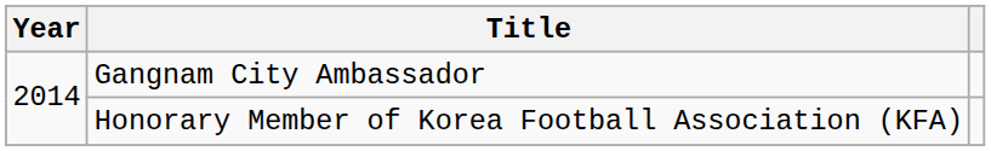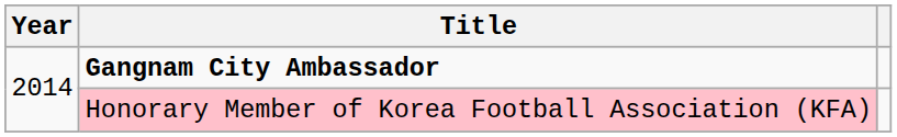 <table class="wikitable">
 <tr>
 <th scope="col">Year</th>
 <th scope="col">Title</th>
 <th scope="col" class="unsortable"></th>
 </tr>
 <tr>
 <td rowspan="2">2014</td>
-<td>Gangnam City Ambassador</td>
+<td><strong>Gangnam City Ambassador</strong></td>
 <td></td>
 </tr>
 <tr>
-<td>Honorary Member of Korea Football Association (KFA)</td>
+<td style="background: pink;">Honorary Member of Korea Football Association (KFA)</td>
 <td></td>
 </tr>
 </table>
